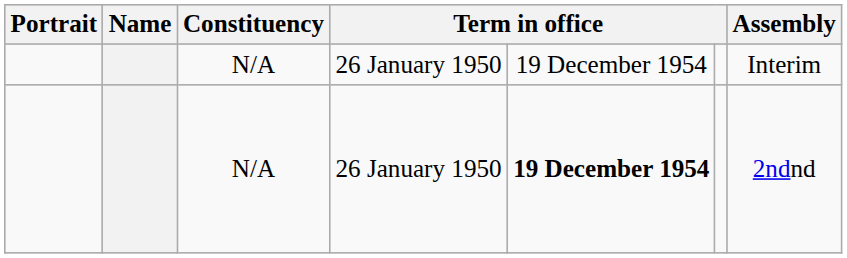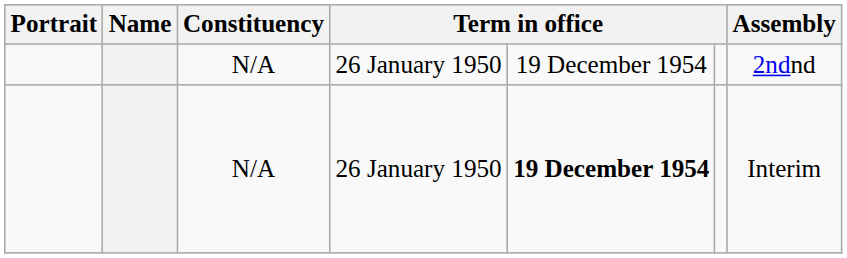 <table class="wikitable sortable" style="text-align:center">
 <tr>
 <th class="unsortable" scope="col">Portrait</th>
 <th class="sortable" scope="col">Name</th>
 <th scope="col">Constituency</th>
 <th colspan="3" scope="colgroup">Term in office</th>
 <th scope="col">Assembly</th>
 </tr>
 <tr align="center">
 <td></td>
 <th scope="row"></th>
 <td>N/A</td>
 <td>26 January 1950</td>
 <td>19 December 1954</td>
 <td></td>
-<td>Interim</td>
+<td><a href='#'>2nd</a>nd</td>
 </tr>
 <tr align="center">
 <td align="center" height="100px"></td>
 <th scope="row"></th>
 <td>N/A</td>
 <td>26 January 1950</td>
 <td><strong>19 December 1954</strong></td>
 <td></td>
-<td><a href='#'>2nd</a>nd</td>
+<td>Interim</td>
 </tr>
 </table>
